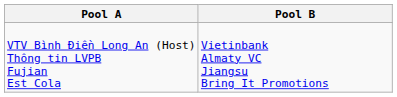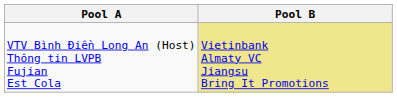 <table class="wikitable">
 <tr>
 <th width=50%>Pool A</th>
 <th width=50%>Pool B</th>
 </tr>
 <tr>
 <td><br> <a href='#'>VTV Bình Điền Long An</a> (Host) <br>  <a href='#'>Thông tin LVPB</a> <br>  <a href='#'>Fujian</a> <br>  <a href='#'>Est Cola</a> <br></td>
-<td><br> <a href='#'>Vietinbank</a> <br>  <a href='#'>Almaty VC</a> <br>  <a href='#'> Jiangsu</a> <br>  <a href='#'>Bring It Promotions</a> <br></td>
+<td style="background: khaki;"><br> <a href='#'>Vietinbank</a> <br>  <a href='#'>Almaty VC</a> <br>  <a href='#'> Jiangsu</a> <br>  <a href='#'>Bring It Promotions</a> <br></td>
 </tr>
 </table>
